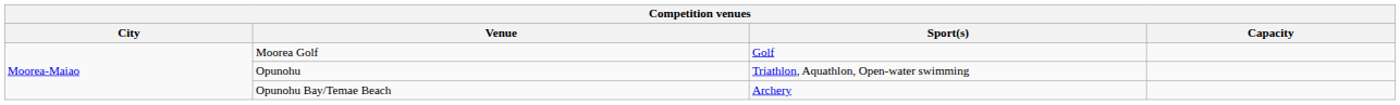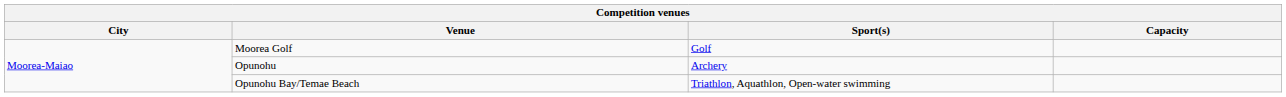 <table class="wikitable">
 <tr>
 <th colspan="4">Competition venues</th>
 </tr>
 <tr>
 <th colspan="1" style="width: 10%; background-color: #f2f2f2">City</th>
 <th colspan="1" style="width: 20%; background-color: #f2f2f2">Venue</th>
 <th colspan="1" style="width: 16%; background-color: #f2f2f2">Sport(s)</th>
 <th style="width: 10%; background-color: #f2f2f2">Capacity</th>
 </tr>
 <tr>
 <td rowspan="3"><a href='#'>Moorea-Maiao</a></td>
 <td>Moorea Golf</td>
 <td><a href='#'>Golf</a></td>
 <td style="background: #f9f9f9; text-align: center;"></td>
 </tr>
 <tr>
 <td>Opunohu</td>
-<td><a href='#'>Triathlon</a>, Aquathlon, Open-water swimming</td>
+<td><a href='#'>Archery</a></td>
 <td style="background: #f9f9f9; text-align: center;"></td>
 </tr>
 <tr>
 <td>Opunohu Bay/Temae Beach</td>
-<td><a href='#'>Archery</a></td>
+<td><a href='#'>Triathlon</a>, Aquathlon, Open-water swimming</td>
 <td style="background: #f9f9f9; text-align: center;"></td>
 </tr>
 </table>
